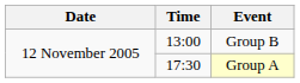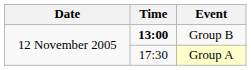 <table class = "wikitable" style="text-align:center;">
 <tr>
 <th width=150>Date</th>
 <th width=50>Time</th>
 <th width=80>Event</th>
 </tr>
 <tr>
 <td rowspan=2>12 November 2005</td>
-<td>13:00</td>
+<td><strong>13:00</strong></td>
 <td>Group B</td>
 </tr>
 <tr>
 <td>17:30</td>
 <td bgcolor=ffffcc>Group A</td>
 </tr>
 </table>
